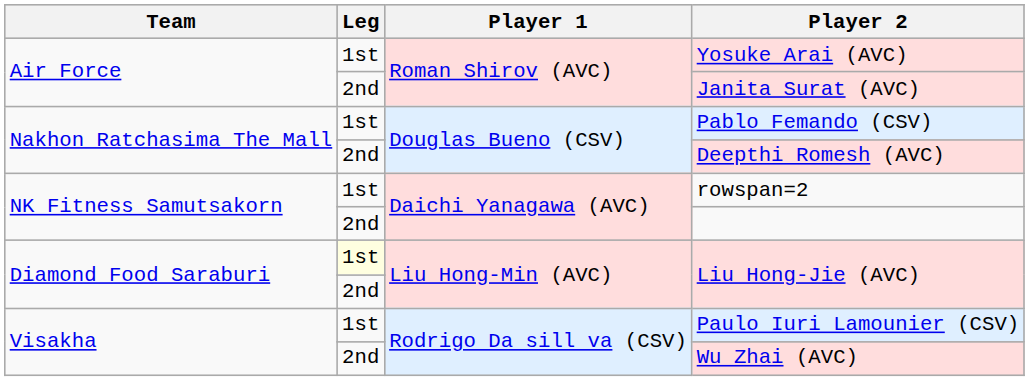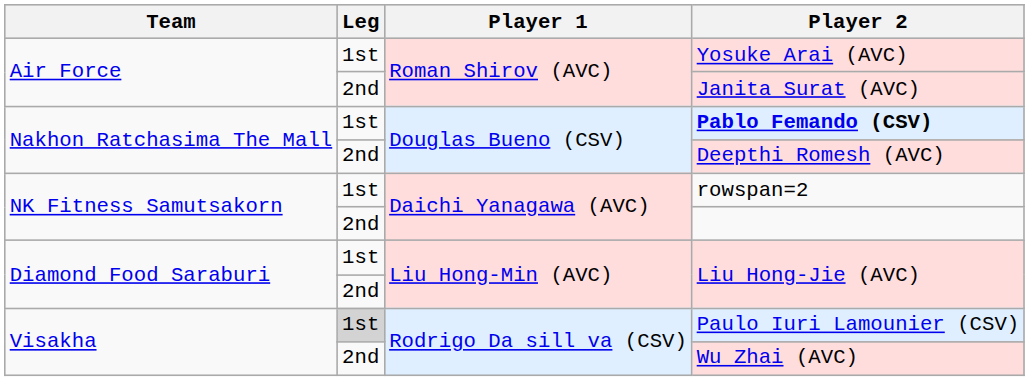 <table class="wikitable sortable">
 <tr>
 <th>Team</th>
 <th>Leg</th>
 <th>Player 1</th>
 <th>Player 2</th>
 </tr>
 <tr>
 <td rowspan=2><a href='#'>Air Force</a></td>
 <td align="center">1st</td>
 <td bgcolor="#ffdddd" rowspan=2> <a href='#'>Roman Shirov</a> (AVC)</td>
 <td bgcolor="#ffdddd"> <a href='#'>Yosuke Arai</a> (AVC) </td>
 </tr>
 <tr>
 <td align="center">2nd</td>
 <td bgcolor="#ffdddd">  <a href='#'>Janita Surat</a> (AVC) </td>
 </tr>
 <tr>
 <td rowspan=2><a href='#'>Nakhon Ratchasima The Mall</a></td>
 <td align="center">1st</td>
 <td bgcolor="#dfefff" rowspan=2> <a href='#'>Douglas Bueno</a> (CSV)</td>
-<td bgcolor="#dfefff"> <a href='#'>Pablo Femando</a> (CSV) </td>
+<td bgcolor="#dfefff"><strong> <a href='#'>Pablo Femando</a> (CSV) </strong></td>
 </tr>
 <tr>
 <td align="center">2nd</td>
 <td bgcolor="#ffdddd">  <a href='#'>Deepthi Romesh</a> (AVC) </td>
 </tr>
 <tr>
 <td rowspan=2><a href='#'>NK Fitness Samutsakorn</a></td>
 <td align="center">1st</td>
 <td bgcolor="#ffdddd" rowspan=2> <a href='#'>Daichi Yanagawa</a> (AVC)</td>
 <td>rowspan=2 </td>
 </tr>
 <tr>
 <td align="center">2nd</td>
 </tr>
 <tr>
 <td rowspan=2><a href='#'>Diamond Food Saraburi</a></td>
-<td align="center" style="background: lightyellow;">1st</td>
+<td align="center">1st</td>
 <td bgcolor="#ffdddd" rowspan=2> <a href='#'>Liu Hong-Min</a> (AVC)</td>
 <td bgcolor="#ffdddd" rowspan=2> <a href='#'>Liu Hong-Jie</a> (AVC)</td>
 </tr>
 <tr>
 <td align="center">2nd</td>
 </tr>
 <tr>
 <td rowspan=2><a href='#'>Visakha</a></td>
-<td align="center">1st</td>
+<td align="center" style="background: lightgrey;">1st</td>
 <td bgcolor="#dfefff" rowspan=2> <a href='#'>Rodrigo Da sill va</a> (CSV)</td>
 <td bgcolor="#dfefff"> <a href='#'>Paulo Iuri Lamounier</a> (CSV) </td>
 </tr>
 <tr>
 <td align="center">2nd</td>
 <td bgcolor="#ffdddd"> <a href='#'>Wu Zhai</a> (AVC) </td>
 </tr>
 </table>
